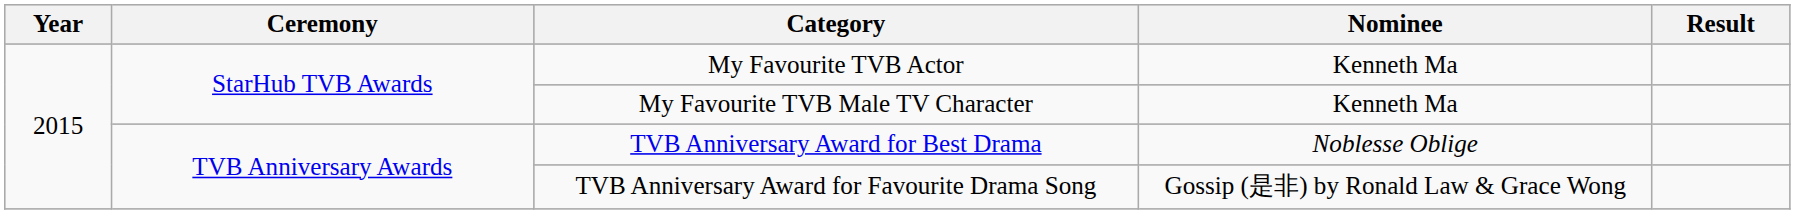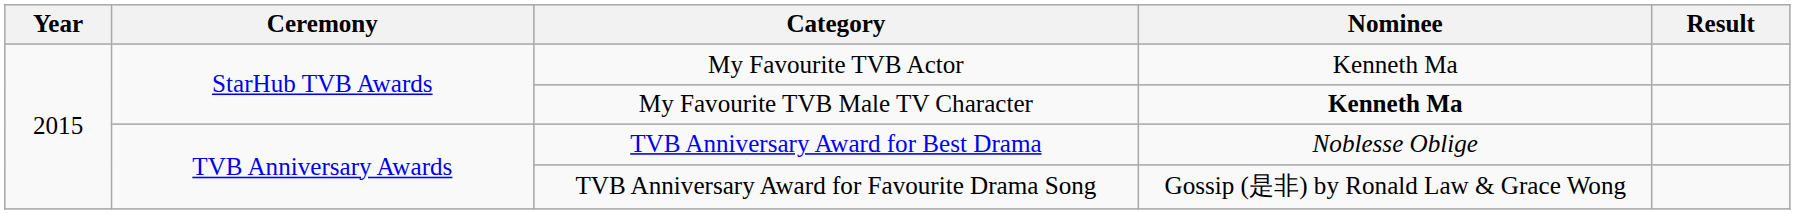 <table class="wikitable" style="width:90%;">
 <tr>
 <th style="width:45px;">Year</th>
 <th style="width:200px;">Ceremony</th>
 <th style="width:290px;">Category</th>
 <th style="width:245px;">Nominee</th>
 <th style="width:60px;">Result</th>
 </tr>
 <tr>
 <td align="center" rowspan=4>2015</td>
 <td align="center" rowspan=2><a href='#'>StarHub TVB Awards</a></td>
 <td align="center">My Favourite TVB Actor</td>
 <td align="center">Kenneth Ma</td>
 <td></td>
 </tr>
 <tr>
 <td align="center">My Favourite TVB Male TV Character</td>
-<td align="center">Kenneth Ma</td>
+<td align="center"><strong>Kenneth Ma</strong></td>
 <td></td>
 </tr>
 <tr>
 <td align="center" rowspan=2><a href='#'>TVB Anniversary Awards</a></td>
 <td align="center"><a href='#'>TVB Anniversary Award for Best Drama</a></td>
 <td align="center"><em>Noblesse Oblige</em></td>
 <td></td>
 </tr>
 <tr>
 <td align="center">TVB Anniversary Award for Favourite Drama Song</td>
 <td align="center">Gossip (是非) by Ronald Law & Grace Wong</td>
 <td></td>
 </tr>
 </table>
